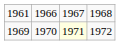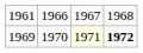 <table class="wikitable">
 <tr>
 <td>1961</td>
 <td>1966</td>
 <td>1967</td>
 <td>1968</td>
 </tr>
 <tr>
 <td>1969</td>
 <td>1970</td>
 <td style="background: lightyellow;">1971</td>
-<td>1972</td>
+<td><strong>1972</strong></td>
 </tr>
 </table>
